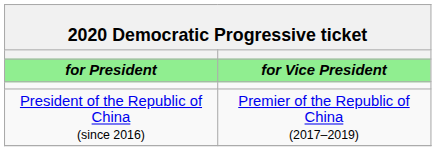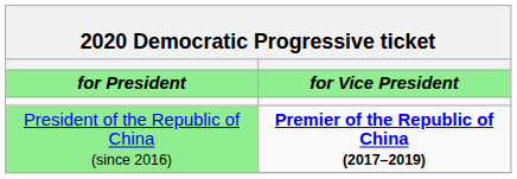 <table class="wikitable" style="font-size:90%; text-align:center;">
 <tr>
 <td colspan="28" style="background:#f1f1f1;"><br><big><strong>2020 Democratic Progressive ticket</strong></big></td>
 </tr>
 <tr>
 <th style="width:3em; font-size:135%; background:"></th>
 <th style="width:3em; font-size:135%; background:"></th>
 </tr>
 <tr style="color:#000; font-size:100%; background:lightgreen;">
 <td style="width:3em; width:200px;"><strong><em>for President</em></strong></td>
 <td style="width:3em; width:200px;"><strong><em>for Vice President</em></strong></td>
 </tr>
 <tr>
 <td></td>
 <td></td>
 </tr>
 <tr>
-<td><a href='#'>President of the Republic of China</a><br><small>(since 2016)</small></td>
-<td><a href='#'>Premier of the Republic of China</a> <br><small>(2017–2019)</small></td>
+<td style="background: lightgreen;"><a href='#'>President of the Republic of China</a><br><small>(since 2016)</small></td>
+<td><strong><a href='#'>Premier of the Republic of China</a> <br><small>(2017–2019)</small></strong></td>
 </tr>
 <tr>
 </tr>
 </table>
